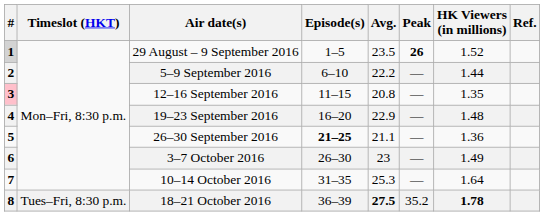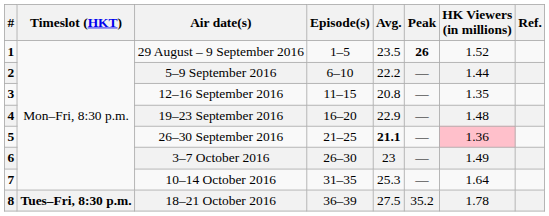 <table class="wikitable" style="text-align:center;">
 <tr>
 <th>#</th>
 <th>Timeslot (<a href='#'>HKT</a>)</th>
 <th>Air date(s)</th>
 <th>Episode(s)</th>
 <th>Avg.</th>
 <th>Peak</th>
 <th>HK Viewers<br>(in millions)</th>
 <th>Ref.</th>
 </tr>
 <tr>
-<td style="background: lightgrey;"><strong>1</strong></td>
+<td><strong>1</strong></td>
 <td rowspan="7">Mon–Fri, 8:30 p.m.</td>
 <td>29 August – 9 September 2016</td>
 <td>1–5</td>
 <td>23.5</td>
 <td><strong>26</strong></td>
 <td>1.52</td>
 <td></td>
 </tr>
 <tr ---- bgcolor="#F2F2F2">
 <td><strong>2</strong></td>
 <td>5–9 September 2016</td>
 <td>6–10</td>
 <td>22.2</td>
 <td>—</td>
 <td>1.44</td>
 <td></td>
 </tr>
 <tr>
-<td style="background: pink;"><strong>3</strong></td>
+<td><strong>3</strong></td>
 <td>12–16 September 2016</td>
 <td>11–15</td>
 <td>20.8</td>
 <td>—</td>
 <td>1.35</td>
 <td></td>
 </tr>
 <tr ---- bgcolor="#F2F2F2">
 <td><strong>4</strong></td>
 <td>19–23 September 2016</td>
 <td>16–20</td>
 <td>22.9</td>
 <td>—</td>
 <td>1.48</td>
 <td></td>
 </tr>
 <tr>
 <td><strong>5</strong></td>
 <td>26–30 September 2016</td>
-<td><strong>21–25</strong></td>
-<td>21.1</td>
+<td>21–25</td>
+<td><strong>21.1</strong></td>
 <td>—</td>
-<td>1.36</td>
+<td style="background: pink;">1.36</td>
 <td></td>
 </tr>
 <tr ---- bgcolor="#F2F2F2">
 <td><strong>6</strong></td>
 <td>3–7 October 2016</td>
 <td>26–30</td>
 <td>23</td>
 <td>—</td>
 <td>1.49</td>
 <td></td>
 </tr>
 <tr>
 <td><strong>7</strong></td>
 <td>10–14 October 2016</td>
 <td>31–35</td>
 <td>25.3</td>
 <td>—</td>
 <td>1.64</td>
 <td></td>
 </tr>
 <tr ---- bgcolor="#F2F2F2">
 <td><strong>8</strong></td>
-<td>Tues–Fri, 8:30 p.m.</td>
+<td><strong>Tues–Fri, 8:30 p.m.</strong></td>
 <td>18–21 October 2016</td>
 <td>36–39</td>
-<td><strong>27.5</strong></td>
+<td>27.5</td>
 <td>35.2</td>
-<td><strong>1.78</strong></td>
+<td>1.78</td>
 <td></td>
 </tr>
 </table>
